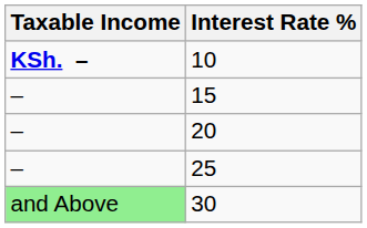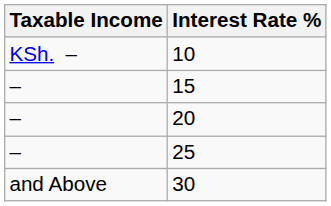 <table class="wikitable">
 <tr>
 <th>Taxable Income</th>
 <th>Interest Rate %</th>
 </tr>
 <tr>
-<td><strong><a href='#'>KSh.</a>  – </strong></td>
+<td><a href='#'>KSh.</a>  – </td>
 <td>10</td>
 </tr>
 <tr>
 <td> – </td>
 <td>15</td>
 </tr>
 <tr>
 <td> – </td>
 <td>20</td>
 </tr>
 <tr>
 <td> – </td>
 <td>25</td>
 </tr>
 <tr>
-<td style="background: lightgreen;"> and Above</td>
+<td> and Above</td>
 <td>30</td>
 </tr>
 </table>
